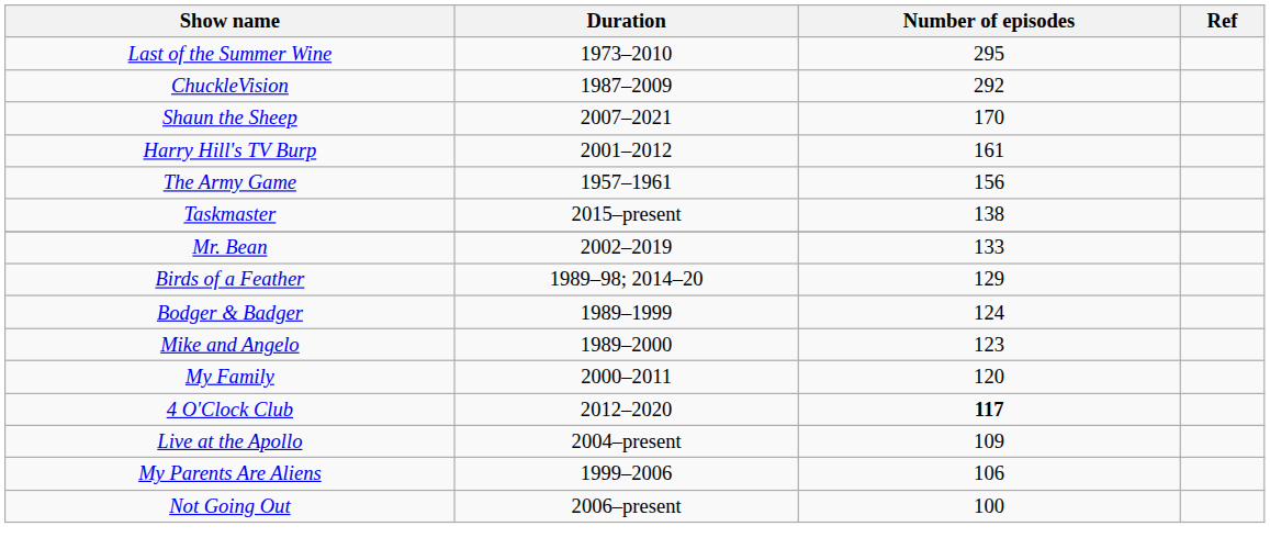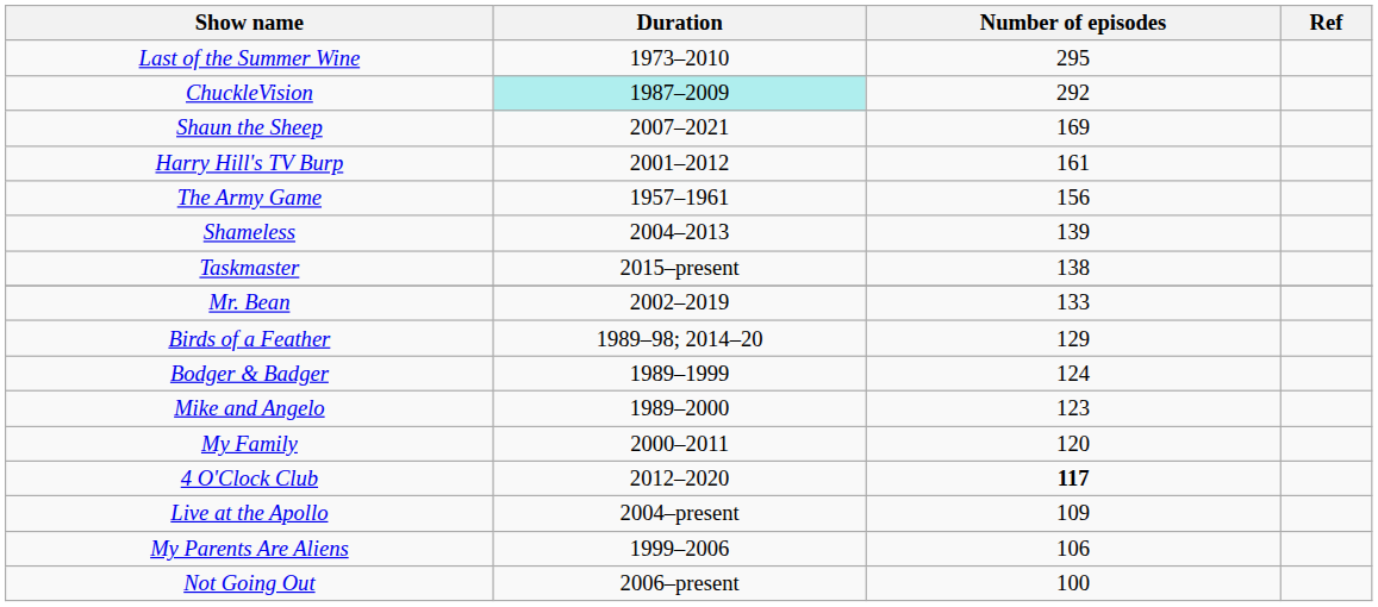 <table class="wikitable sortable mw-collapsible" style="text-align:center;" width="62.5%">
 <tr>
 <th>Show name</th>
 <th>Duration</th>
 <th>Number of episodes</th>
 <th>Ref</th>
 </tr>
 <tr>
 <td><em><a href='#'>Last of the Summer Wine</a></em></td>
 <td>1973–2010</td>
 <td>295</td>
 <td></td>
 </tr>
 <tr>
 <td><em><a href='#'>ChuckleVision</a></em></td>
-<td>1987–2009</td>
+<td style="background: paleturquoise;">1987–2009</td>
 <td>292</td>
 <td></td>
 </tr>
 <tr>
 <td><em><a href='#'>Shaun the Sheep</a></em></td>
 <td>2007–2021</td>
-<td>170</td>
+<td>169</td>
 <td></td>
 </tr>
 <tr>
 <td><em><a href='#'>Harry Hill's TV Burp</a></em></td>
 <td>2001–2012</td>
 <td>161</td>
 <td></td>
 </tr>
 <tr>
 <td><em><a href='#'>The Army Game</a></em></td>
 <td>1957–1961</td>
 <td>156</td>
+<td></td>
+</tr>
+<tr>
+<td><em><a href='#'>Shameless</a></em></td>
+<td>2004–2013</td>
+<td>139</td>
 <td></td>
 </tr>
 <tr>
 <td><em><a href='#'>Taskmaster</a></em></td>
 <td>2015–present</td>
 <td>138</td>
 <td></td>
 </tr>
 <tr>
 </tr>
 <tr style="background:">
 <td><em><a href='#'>Mr. Bean</a></em></td>
 <td>2002–2019</td>
 <td>133</td>
 <td></td>
 </tr>
 <tr>
 <td><em><a href='#'>Birds of a Feather</a></em></td>
 <td>1989–98; 2014–20</td>
 <td>129</td>
 <td></td>
 </tr>
 <tr>
 <td><em><a href='#'>Bodger & Badger</a></em></td>
 <td>1989–1999</td>
 <td>124</td>
 <td></td>
 </tr>
 <tr>
 <td><em><a href='#'>Mike and Angelo</a></em></td>
 <td>1989–2000</td>
 <td>123</td>
 <td></td>
 </tr>
 <tr>
 <td><em><a href='#'>My Family</a></em></td>
 <td>2000–2011</td>
 <td>120</td>
 <td></td>
 </tr>
 <tr>
 <td><em><a href='#'>4 O'Clock Club</a></em></td>
 <td>2012–2020</td>
 <td><strong>117</strong></td>
 <td></td>
 </tr>
 <tr>
 <td><em><a href='#'>Live at the Apollo</a></em></td>
 <td>2004–present</td>
 <td>109</td>
 <td></td>
 </tr>
 <tr>
 <td><em><a href='#'>My Parents Are Aliens</a></em></td>
 <td>1999–2006</td>
 <td>106</td>
 <td></td>
 </tr>
 <tr>
 <td><em><a href='#'>Not Going Out</a></em></td>
 <td>2006–present</td>
 <td>100</td>
 <td></td>
 </tr>
 </table>
